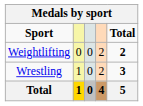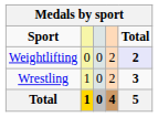 <table class="wikitable" style="font-size:85%; float:right">
 <tr bgcolor=#efefef>
 <th colspan=7>Medals by sport</th>
 </tr>
 <tr align=center>
 <td><strong>Sport</strong></td>
 <td bgcolor=#f7f6a8></td>
 <td bgcolor=#dce5e5></td>
 <td bgcolor=#ffdab9></td>
 <td><strong>Total</strong></td>
 </tr>
 <tr align=center>
 <td><a href='#'>Weightlifting</a></td>
 <td bgcolor=#f7f6a8>0</td>
 <td bgcolor=#dce5e5>0</td>
 <td bgcolor=#ffdab9>2</td>
-<td><strong>2</strong></td>
+<td style="background: lavender;"><strong>2</strong></td>
 </tr>
 <tr align=center>
 <td><a href='#'>Wrestling</a></td>
 <td bgcolor=#f7f6a8>1</td>
 <td bgcolor=#dce5e5>0</td>
 <td bgcolor=#ffdab9>2</td>
 <td><strong>3</strong></td>
 </tr>
 <tr align=center>
 <th>Total</th>
 <th style="background:gold;">1</th>
 <th style="background:silver;">0</th>
 <th style="background:#c96;">4</th>
 <th>5</th>
 </tr>
 </table>
